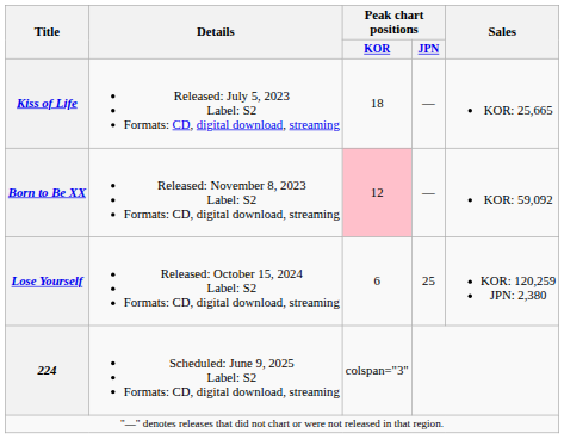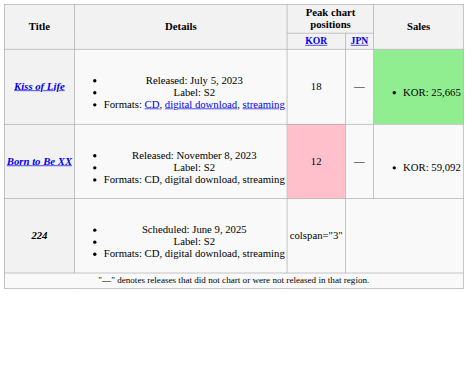 <table class="wikitable plainrowheaders" style="text-align:center">
 <tr>
 <th scope="col" rowspan="2">Title</th>
 <th scope="col" rowspan="2">Details</th>
 <th scope="col" colspan="2">Peak chart positions</th>
 <th scope="col" rowspan="2">Sales</th>
 </tr>
 <tr>
 <th scope="col" style="font-size:90%; width:2.5em"><a href='#'>KOR</a><br></th>
 <th scope="col" style="font-size:90%; width:2.5em"><a href='#'>JPN</a><br></th>
 </tr>
 <tr>
 <th scope="row"><em><a href='#'>Kiss of Life</a></em></th>
 <td><br><ul><li>Released: July 5, 2023</li><li>Label: S2</li><li>Formats: <a href='#'>CD</a>, <a href='#'>digital download</a>, <a href='#'>streaming</a></li></ul></td>
 <td>18</td>
 <td>—</td>
-<td><br><ul><li>KOR: 25,665</li></ul></td>
+<td style="background: lightgreen;"><br><ul><li>KOR: 25,665</li></ul></td>
 </tr>
 <tr>
 <th scope="row"><em><a href='#'>Born to Be XX</a></em></th>
 <td><br><ul><li>Released: November 8, 2023</li><li>Label: S2</li><li>Formats: CD, digital download, streaming</li></ul></td>
 <td style="background: pink;">12</td>
 <td>—</td>
 <td><br><ul><li>KOR: 59,092</li></ul></td>
-</tr>
-<tr>
-<th scope="row"><em><a href='#'>Lose Yourself</a></em></th>
-<td><br><ul><li>Released: October 15, 2024</li><li>Label: S2</li><li>Formats: CD, digital download, streaming</li></ul></td>
-<td>6</td>
-<td>25</td>
-<td><br><ul><li>KOR: 120,259</li><li>JPN: 2,380</li></ul></td>
 </tr>
 <tr>
 <th scope="row"><em>224</em></th>
 <td><br><ul><li>Scheduled: June 9, 2025</li><li>Label: S2</li><li>Formats: CD, digital download, streaming</li></ul></td>
 <td>colspan="3" </td>
 </tr>
 <tr>
 <td colspan="5" style="font-size:85%">"—" denotes releases that did not chart or were not released in that region.</td>
 </tr>
 </table>
